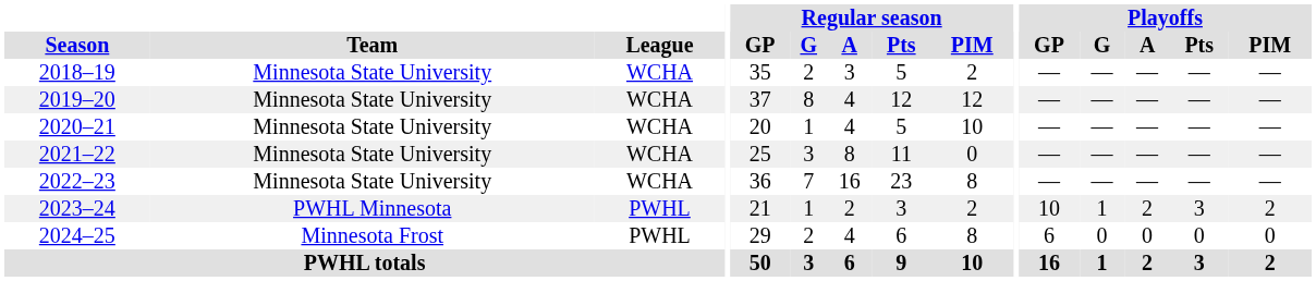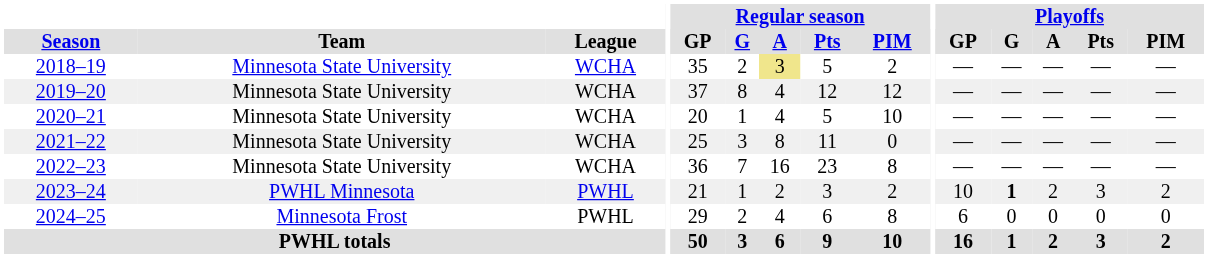 <table border="0" cellpadding="1" cellspacing="0" style="text-align:center; width:60em">
 <tr bgcolor="#e0e0e0">
 <th colspan="3" bgcolor="#ffffff"></th>
 <th rowspan="97" bgcolor="#ffffff"></th>
 <th colspan="5"><a href='#'>Regular season</a></th>
 <th rowspan="97" bgcolor="#ffffff"></th>
 <th colspan="5"><a href='#'>Playoffs</a></th>
 </tr>
 <tr bgcolor="#e0e0e0">
 <th><a href='#'>Season</a></th>
 <th>Team</th>
 <th>League</th>
 <th>GP</th>
 <th><a href='#'>G</a></th>
 <th><a href='#'>A</a></th>
 <th><a href='#'>Pts</a></th>
 <th><a href='#'>PIM</a></th>
 <th>GP</th>
 <th>G</th>
 <th>A</th>
 <th>Pts</th>
 <th>PIM</th>
 </tr>
 <tr>
 <td><a href='#'>2018–19</a></td>
 <td><a href='#'>Minnesota State University</a></td>
 <td><a href='#'>WCHA</a></td>
 <td>35</td>
 <td>2</td>
-<td>3</td>
+<td style="background: khaki;">3</td>
 <td>5</td>
 <td>2</td>
 <td>—</td>
 <td>—</td>
 <td>—</td>
 <td>—</td>
 <td>—</td>
 </tr>
 <tr bgcolor="#f0f0f0">
 <td><a href='#'>2019–20</a></td>
 <td>Minnesota State University</td>
 <td>WCHA</td>
 <td>37</td>
 <td>8</td>
 <td>4</td>
 <td>12</td>
 <td>12</td>
 <td>—</td>
 <td>—</td>
 <td>—</td>
 <td>—</td>
 <td>—</td>
 </tr>
 <tr>
 <td><a href='#'>2020–21</a></td>
 <td>Minnesota State University</td>
 <td>WCHA</td>
 <td>20</td>
 <td>1</td>
 <td>4</td>
 <td>5</td>
 <td>10</td>
 <td>—</td>
 <td>—</td>
 <td>—</td>
 <td>—</td>
 <td>—</td>
 </tr>
 <tr bgcolor="#f0f0f0">
 <td><a href='#'>2021–22</a></td>
 <td>Minnesota State University</td>
 <td>WCHA</td>
 <td>25</td>
 <td>3</td>
 <td>8</td>
 <td>11</td>
 <td>0</td>
 <td>—</td>
 <td>—</td>
 <td>—</td>
 <td>—</td>
 <td>—</td>
 </tr>
 <tr>
 <td><a href='#'>2022–23</a></td>
 <td>Minnesota State University</td>
 <td>WCHA</td>
 <td>36</td>
 <td>7</td>
 <td>16</td>
 <td>23</td>
 <td>8</td>
 <td>—</td>
 <td>—</td>
 <td>—</td>
 <td>—</td>
 <td>—</td>
 </tr>
 <tr bgcolor="#f0f0f0">
 <td><a href='#'>2023–24</a></td>
 <td><a href='#'>PWHL Minnesota</a></td>
 <td><a href='#'>PWHL</a></td>
 <td>21</td>
 <td>1</td>
 <td>2</td>
 <td>3</td>
 <td>2</td>
 <td>10</td>
-<td>1</td>
+<td><strong>1</strong></td>
 <td>2</td>
 <td>3</td>
 <td>2</td>
 </tr>
 <tr>
 <td><a href='#'>2024–25</a></td>
 <td><a href='#'>Minnesota Frost</a></td>
 <td>PWHL</td>
 <td>29</td>
 <td>2</td>
 <td>4</td>
 <td>6</td>
 <td>8</td>
 <td>6</td>
 <td>0</td>
 <td>0</td>
 <td>0</td>
 <td>0</td>
 </tr>
 <tr bgcolor="#e0e0e0">
 <th colspan="3">PWHL totals</th>
 <th>50</th>
 <th>3</th>
 <th>6</th>
 <th>9</th>
 <th>10</th>
 <th>16</th>
 <th>1</th>
 <th>2</th>
 <th>3</th>
 <th>2</th>
 </tr>
 </table>
